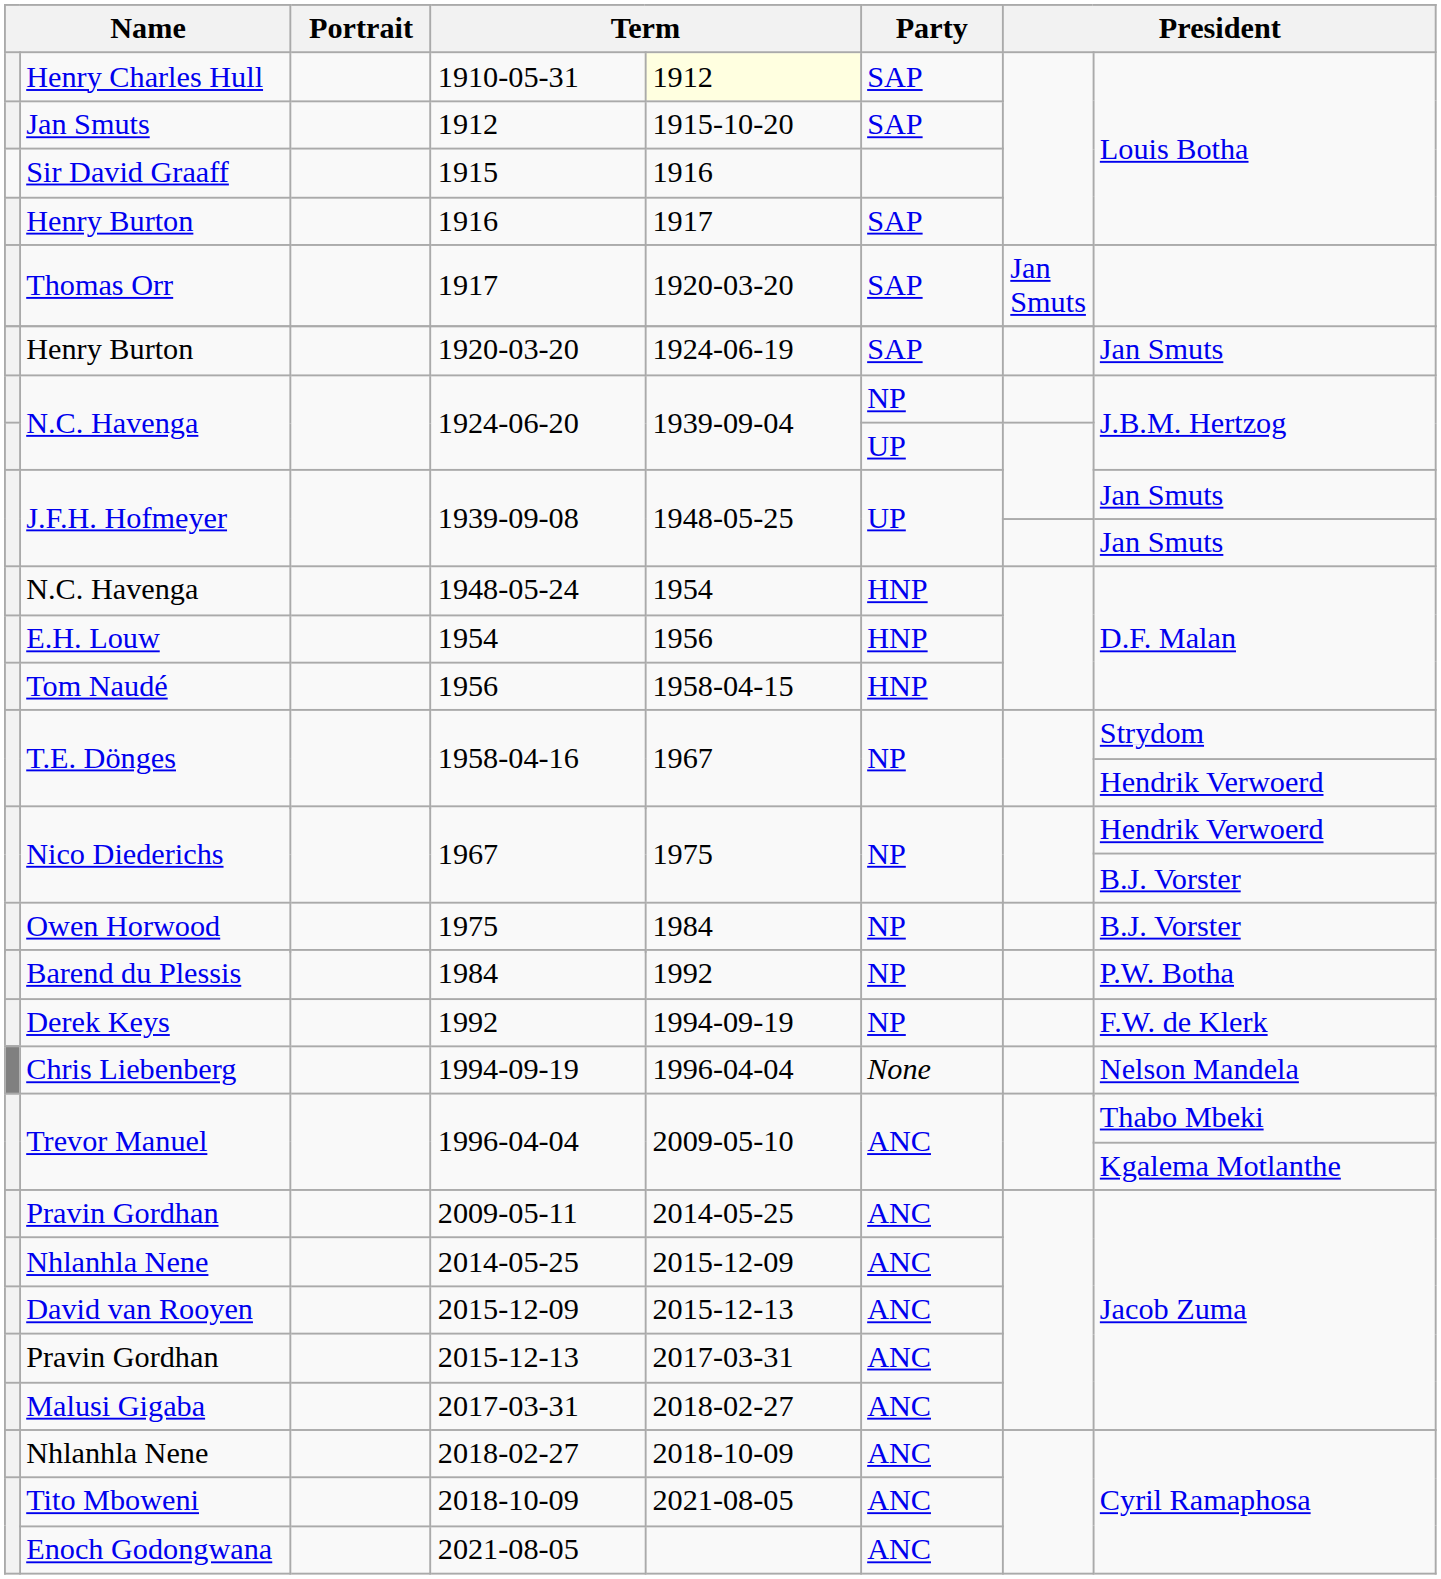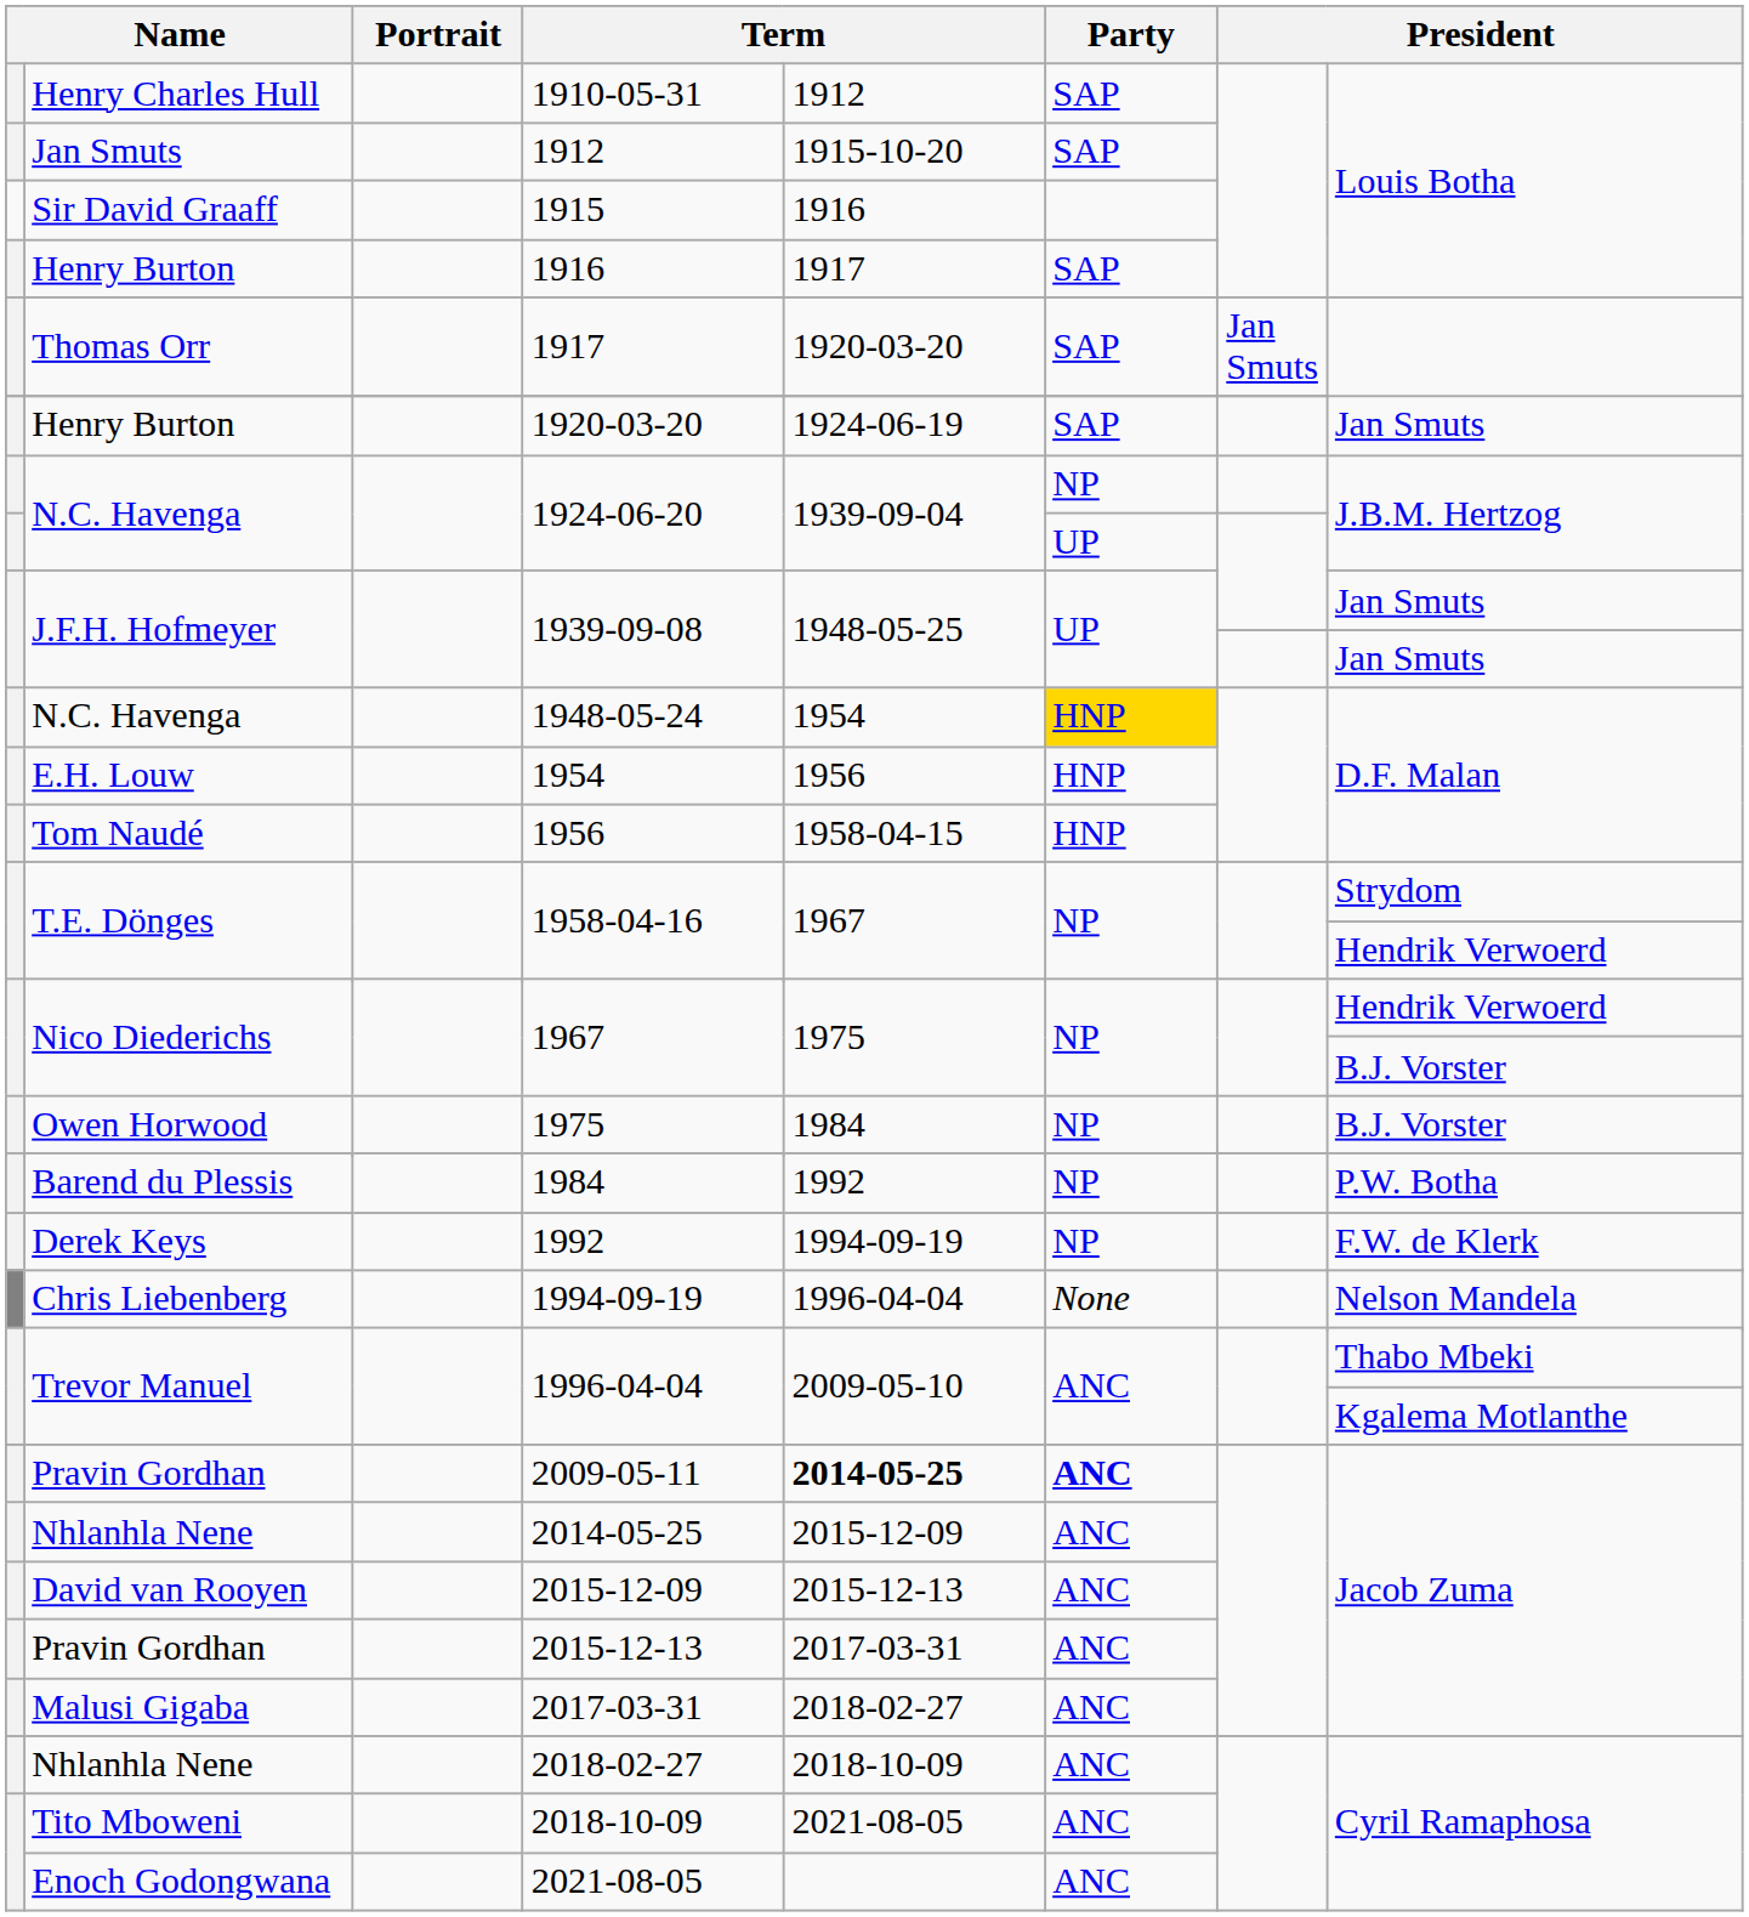 <table class="wikitable" width=60%>
 <tr>
 <th colspan=2 width=20%>Name</th>
 <th width=75>Portrait</th>
 <th colspan=2 width=30%>Term</th>
 <th width=10%>Party</th>
 <th colspan=2 width=25%>President<br> </th>
 </tr>
 <tr>
 <th style="width:1%;background-color: "></th>
 <td><a href='#'>Henry Charles Hull</a></td>
 <td></td>
 <td>1910-05-31</td>
-<td style="background: lightyellow;">1912</td>
+<td>1912</td>
 <td><a href='#'>SAP</a></td>
 <td rowspan=5 style="width:1%;background-color: "></td>
 <td rowspan="5"><a href='#'>Louis Botha</a><br></td>
 </tr>
 <tr>
 <th style="width:1%;background-color: "></th>
 <td><a href='#'>Jan Smuts</a></td>
 <td></td>
 <td>1912</td>
 <td>1915-10-20</td>
 <td><a href='#'>SAP</a></td>
 </tr>
 <tr>
 <td></td>
 <td><a href='#'>Sir David Graaff</a></td>
 <td></td>
 <td>1915</td>
 <td>1916</td>
 <td></td>
 </tr>
 <tr>
 <th style="width:1%;background-color: "></th>
 <td><a href='#'>Henry Burton</a></td>
 <td></td>
 <td>1916</td>
 <td>1917</td>
 <td><a href='#'>SAP</a></td>
 </tr>
 <tr>
 <th rowspan=2 style="width:1%;background-color: "></th>
 <td rowspan=2><a href='#'>Thomas Orr</a></td>
 <td rowspan=2></td>
 <td rowspan=2>1917</td>
 <td rowspan=2>1920-03-20</td>
 <td rowspan=2><a href='#'>SAP</a></td>
 </tr>
 <tr>
 <td><a href='#'>Jan Smuts</a><br></td>
 </tr>
 <tr>
 </tr>
 <tr>
 <th style="width:1%;background-color: "></th>
 <td>Henry Burton</td>
 <td></td>
 <td>1920-03-20</td>
 <td>1924-06-19</td>
 <td><a href='#'>SAP</a></td>
 <td style="width:1%;background-color: "></td>
 <td><a href='#'>Jan Smuts</a> <br></td>
 </tr>
 <tr>
 <th rowspan=1 style="width:1%;background-color: "></th>
 <td rowspan=2><a href='#'>N.C. Havenga</a></td>
 <td rowspan=2></td>
 <td rowspan=2>1924-06-20</td>
 <td rowspan=2>1939-09-04</td>
 <td><a href='#'>NP</a></td>
 <td style="width:1%;background-color: "></td>
 <td rowspan=2><a href='#'>J.B.M. Hertzog</a><br> </td>
 </tr>
 <tr>
 <th style="width:1%;background-color: "></th>
 <td><a href='#'>UP</a></td>
 <td rowspan=2 style="width:1%;background-color: "></td>
 </tr>
 <tr>
 <th rowspan=2 style="width:1%;background-color: "></th>
 <td rowspan=2><a href='#'>J.F.H. Hofmeyer</a></td>
 <td rowspan=2></td>
 <td rowspan=2>1939-09-08</td>
 <td rowspan=2>1948-05-25</td>
 <td rowspan=2><a href='#'>UP</a></td>
 <td><a href='#'>Jan Smuts</a><br></td>
 </tr>
 <tr>
 <td style="width:1%;background-color: "></td>
 <td><a href='#'>Jan Smuts</a><br> </td>
 </tr>
 <tr>
 <th style="width:1%;background-color: "></th>
 <td>N.C. Havenga</td>
 <td></td>
 <td>1948-05-24</td>
 <td>1954</td>
-<td><a href='#'>HNP</a></td>
+<td style="background: gold;"><a href='#'>HNP</a></td>
 <td rowspan=3 style="width:1%;background-color: "></td>
 <td rowspan=3><a href='#'>D.F. Malan</a><br> </td>
 </tr>
 <tr>
 <th style="width:1%;background-color: "></th>
 <td><a href='#'>E.H. Louw</a></td>
 <td></td>
 <td>1954</td>
 <td>1956</td>
 <td><a href='#'>HNP</a></td>
 </tr>
 <tr>
 <th style="width:1%;background-color: "></th>
 <td><a href='#'>Tom Naudé</a></td>
 <td></td>
 <td>1956</td>
 <td>1958-04-15</td>
 <td><a href='#'>HNP</a></td>
 </tr>
 <tr>
 <th rowspan=3 style="width:1%;background-color: "></th>
 <td rowspan=3><a href='#'>T.E. Dönges</a></td>
 <td rowspan=3></td>
 <td rowspan=3>1958-04-16</td>
 <td rowspan=3>1967</td>
 <td rowspan=3><a href='#'>NP</a></td>
 <td rowspan=2 style="width:1%;background-color: "></td>
 <td><a href='#'>Strydom</a><br> </td>
 </tr>
 <tr>
 <td><a href='#'>Hendrik Verwoerd</a><br> </td>
 </tr>
 <tr>
 <td rowspan=3 style="width:1%;background-color: "></td>
 <td rowspan=2><a href='#'>Hendrik Verwoerd</a><br> </td>
 </tr>
 <tr>
 <th rowspan=3 style="width:1%;background-color: "></th>
 <td rowspan=3><a href='#'>Nico Diederichs</a></td>
 <td rowspan=3></td>
 <td rowspan=3>1967</td>
 <td rowspan=3>1975</td>
 <td rowspan=3><a href='#'>NP</a></td>
 </tr>
 <tr>
 <td><a href='#'>B.J. Vorster</a><br> </td>
 </tr>
 <tr>
 <td rowspan=2 style="width:1%;background-color: "></td>
 <td rowspan=2><a href='#'>B.J. Vorster</a><br> </td>
 </tr>
 <tr>
 <th rowspan=2 style="width:1%;background-color: "></th>
 <td rowspan=2><a href='#'>Owen Horwood</a></td>
 <td rowspan=2></td>
 <td rowspan=2>1975</td>
 <td rowspan=2>1984</td>
 <td rowspan=2><a href='#'>NP</a></td>
 </tr>
 <tr>
 <td rowspan=2 style="width:1%;background-color: "></td>
 <td rowspan=2><a href='#'>P.W. Botha</a><br> </td>
 </tr>
 <tr>
 <th rowspan=2 style="width:1%;background-color: "></th>
 <td rowspan=2><a href='#'>Barend du Plessis</a></td>
 <td rowspan=2></td>
 <td rowspan=2>1984</td>
 <td rowspan=2>1992</td>
 <td rowspan=2><a href='#'>NP</a></td>
 </tr>
 <tr>
 <td rowspan=2 style="width:1%;background-color: "></td>
 <td rowspan=2><a href='#'>F.W. de Klerk</a><br> </td>
 </tr>
 <tr>
 <th rowspan=2 style="width:1%;background-color: "></th>
 <td rowspan=2><a href='#'>Derek Keys</a></td>
 <td rowspan=2></td>
 <td rowspan=2>1992</td>
 <td rowspan=2>1994-09-19</td>
 <td rowspan=2><a href='#'>NP</a></td>
 </tr>
 <tr>
 <td rowspan=3 style="width:1%;background-color: "></td>
 <td rowspan=3><a href='#'>Nelson Mandela</a><br> </td>
 </tr>
 <tr>
 <th style="width:1%;background-color: grey"></th>
 <td><a href='#'>Chris Liebenberg</a></td>
 <td></td>
 <td>1994-09-19</td>
 <td>1996-04-04</td>
 <td><em>None</em></td>
 </tr>
 <tr>
 <th rowspan=3 style="width:1%;background-color: "></th>
 <td rowspan=3><a href='#'>Trevor Manuel</a></td>
 <td rowspan=3></td>
 <td rowspan=3>1996-04-04</td>
 <td rowspan=3>2009-05-10</td>
 <td rowspan=3><a href='#'>ANC</a></td>
 </tr>
 <tr>
 <td rowspan=2 style="width:1%;background-color: "></td>
 <td><a href='#'>Thabo Mbeki</a><br> </td>
 </tr>
 <tr>
 <td><a href='#'>Kgalema Motlanthe</a><br> </td>
 </tr>
 <tr>
 <th style="width:1%;background-color: "></th>
 <td><a href='#'>Pravin Gordhan</a></td>
 <td></td>
 <td>2009-05-11</td>
-<td>2014-05-25</td>
-<td><a href='#'>ANC</a></td>
+<td><strong>2014-05-25</strong></td>
+<td><strong><a href='#'>ANC</a></strong></td>
 <td rowspan="5" style="width:1%;background-color: "></td>
 <td rowspan="5"><a href='#'>Jacob Zuma</a><br> </td>
 </tr>
 <tr>
 <th style="width:1%;background-color: "></th>
 <td><a href='#'>Nhlanhla Nene</a></td>
 <td></td>
 <td>2014-05-25</td>
 <td>2015-12-09</td>
 <td><a href='#'>ANC</a></td>
 </tr>
 <tr>
 <th style="width:1%;background-color: "></th>
 <td><a href='#'>David van Rooyen</a></td>
 <td></td>
 <td>2015-12-09</td>
 <td>2015-12-13</td>
 <td><a href='#'>ANC</a></td>
 </tr>
 <tr>
 <th style="width:1%;background-color: "></th>
 <td>Pravin Gordhan</td>
 <td></td>
 <td>2015-12-13</td>
 <td>2017-03-31</td>
 <td><a href='#'>ANC</a></td>
 </tr>
 <tr>
 <th style="width:1%;background-color: "></th>
 <td><a href='#'>Malusi Gigaba</a></td>
 <td></td>
 <td>2017-03-31</td>
 <td>2018-02-27</td>
 <td><a href='#'>ANC</a></td>
 </tr>
 <tr>
 <th style="width:1%;background-color: "></th>
 <td>Nhlanhla Nene</td>
 <td></td>
 <td>2018-02-27</td>
 <td>2018-10-09</td>
 <td><a href='#'>ANC</a></td>
 <td rowspan="3" style="width:1%;background-color: "></td>
 <td rowspan="3"><a href='#'>Cyril Ramaphosa</a><br></td>
 </tr>
 <tr>
 <th rowspan="2" style="width:1%;background-color: "></th>
 <td><a href='#'>Tito Mboweni</a></td>
 <td></td>
 <td>2018-10-09</td>
 <td>2021-08-05</td>
 <td><a href='#'>ANC</a></td>
 </tr>
 <tr>
 <td><a href='#'>Enoch Godongwana</a></td>
 <td></td>
 <td>2021-08-05</td>
 <td></td>
 <td><a href='#'>ANC</a></td>
 </tr>
 </table>
